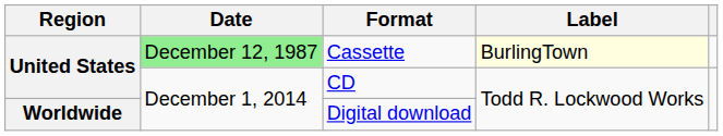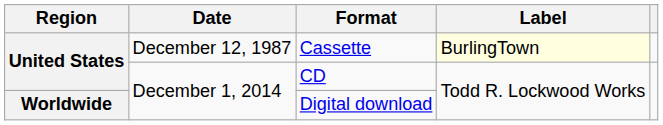 <table class="wikitable plainrowheaders">
 <tr>
 <th scope="col">Region</th>
 <th scope="col">Date</th>
 <th scope="col">Format</th>
 <th scope="col">Label</th>
 <th scope="col"></th>
 </tr>
 <tr>
 <th scope="row" rowspan="2">United States</th>
-<td style="background: lightgreen;">December 12, 1987</td>
+<td>December 12, 1987</td>
 <td><a href='#'>Cassette</a></td>
 <td style="background: lightyellow;">BurlingTown</td>
 <td></td>
 </tr>
 <tr>
 <td scope="row" rowspan="2">December 1, 2014</td>
 <td><a href='#'>CD</a></td>
 <td scope="row" rowspan="2">Todd R. Lockwood Works</td>
 <td scope="row" rowspan="2"></td>
 </tr>
 <tr>
 <th scope="row">Worldwide</th>
 <td><a href='#'>Digital download</a></td>
 </tr>
 </table>
